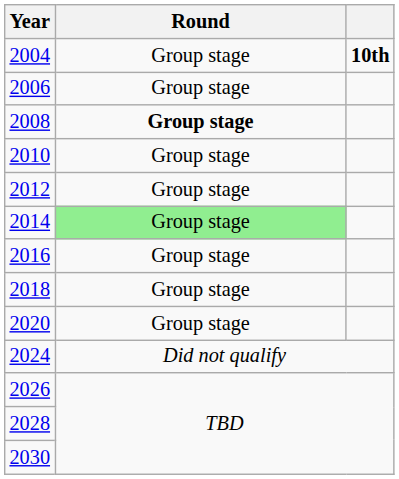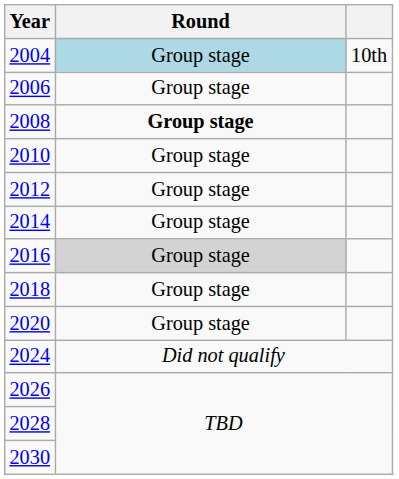 <table class="wikitable" style="text-align: center; font-size:90%">
 <tr>
 <th>Year</th>
 <th style="width:200px">Round</th>
 <th></th>
 </tr>
 <tr>
 <td><a href='#'>2004</a></td>
-<td>Group stage</td>
-<td><strong>10th</strong></td>
+<td style="background: lightblue;">Group stage</td>
+<td>10th</td>
 </tr>
 <tr>
 <td><a href='#'>2006</a></td>
 <td>Group stage</td>
 <td></td>
 </tr>
 <tr>
 <td><a href='#'>2008</a></td>
 <td><strong>Group stage</strong></td>
 <td></td>
 </tr>
 <tr>
 <td><a href='#'>2010</a></td>
 <td>Group stage</td>
 <td></td>
 </tr>
 <tr>
 <td><a href='#'>2012</a></td>
 <td>Group stage</td>
 <td></td>
 </tr>
 <tr>
 <td><a href='#'>2014</a></td>
-<td style="background: lightgreen;">Group stage</td>
+<td>Group stage</td>
 <td></td>
 </tr>
 <tr>
 <td><a href='#'>2016</a></td>
-<td>Group stage</td>
+<td style="background: lightgrey;">Group stage</td>
 <td></td>
 </tr>
 <tr>
 <td><a href='#'>2018</a></td>
 <td>Group stage</td>
 <td></td>
 </tr>
 <tr>
 <td><a href='#'>2020</a></td>
 <td>Group stage</td>
 <td></td>
 </tr>
 <tr>
 <td><a href='#'>2024</a></td>
 <td colspan="2"><em>Did not qualify</em></td>
 </tr>
 <tr>
 <td><a href='#'>2026</a></td>
 <td colspan="2" rowspan="3"><em>TBD</em></td>
 </tr>
 <tr>
 <td><a href='#'>2028</a></td>
 </tr>
 <tr>
 <td><a href='#'>2030</a></td>
 </tr>
 </table>
